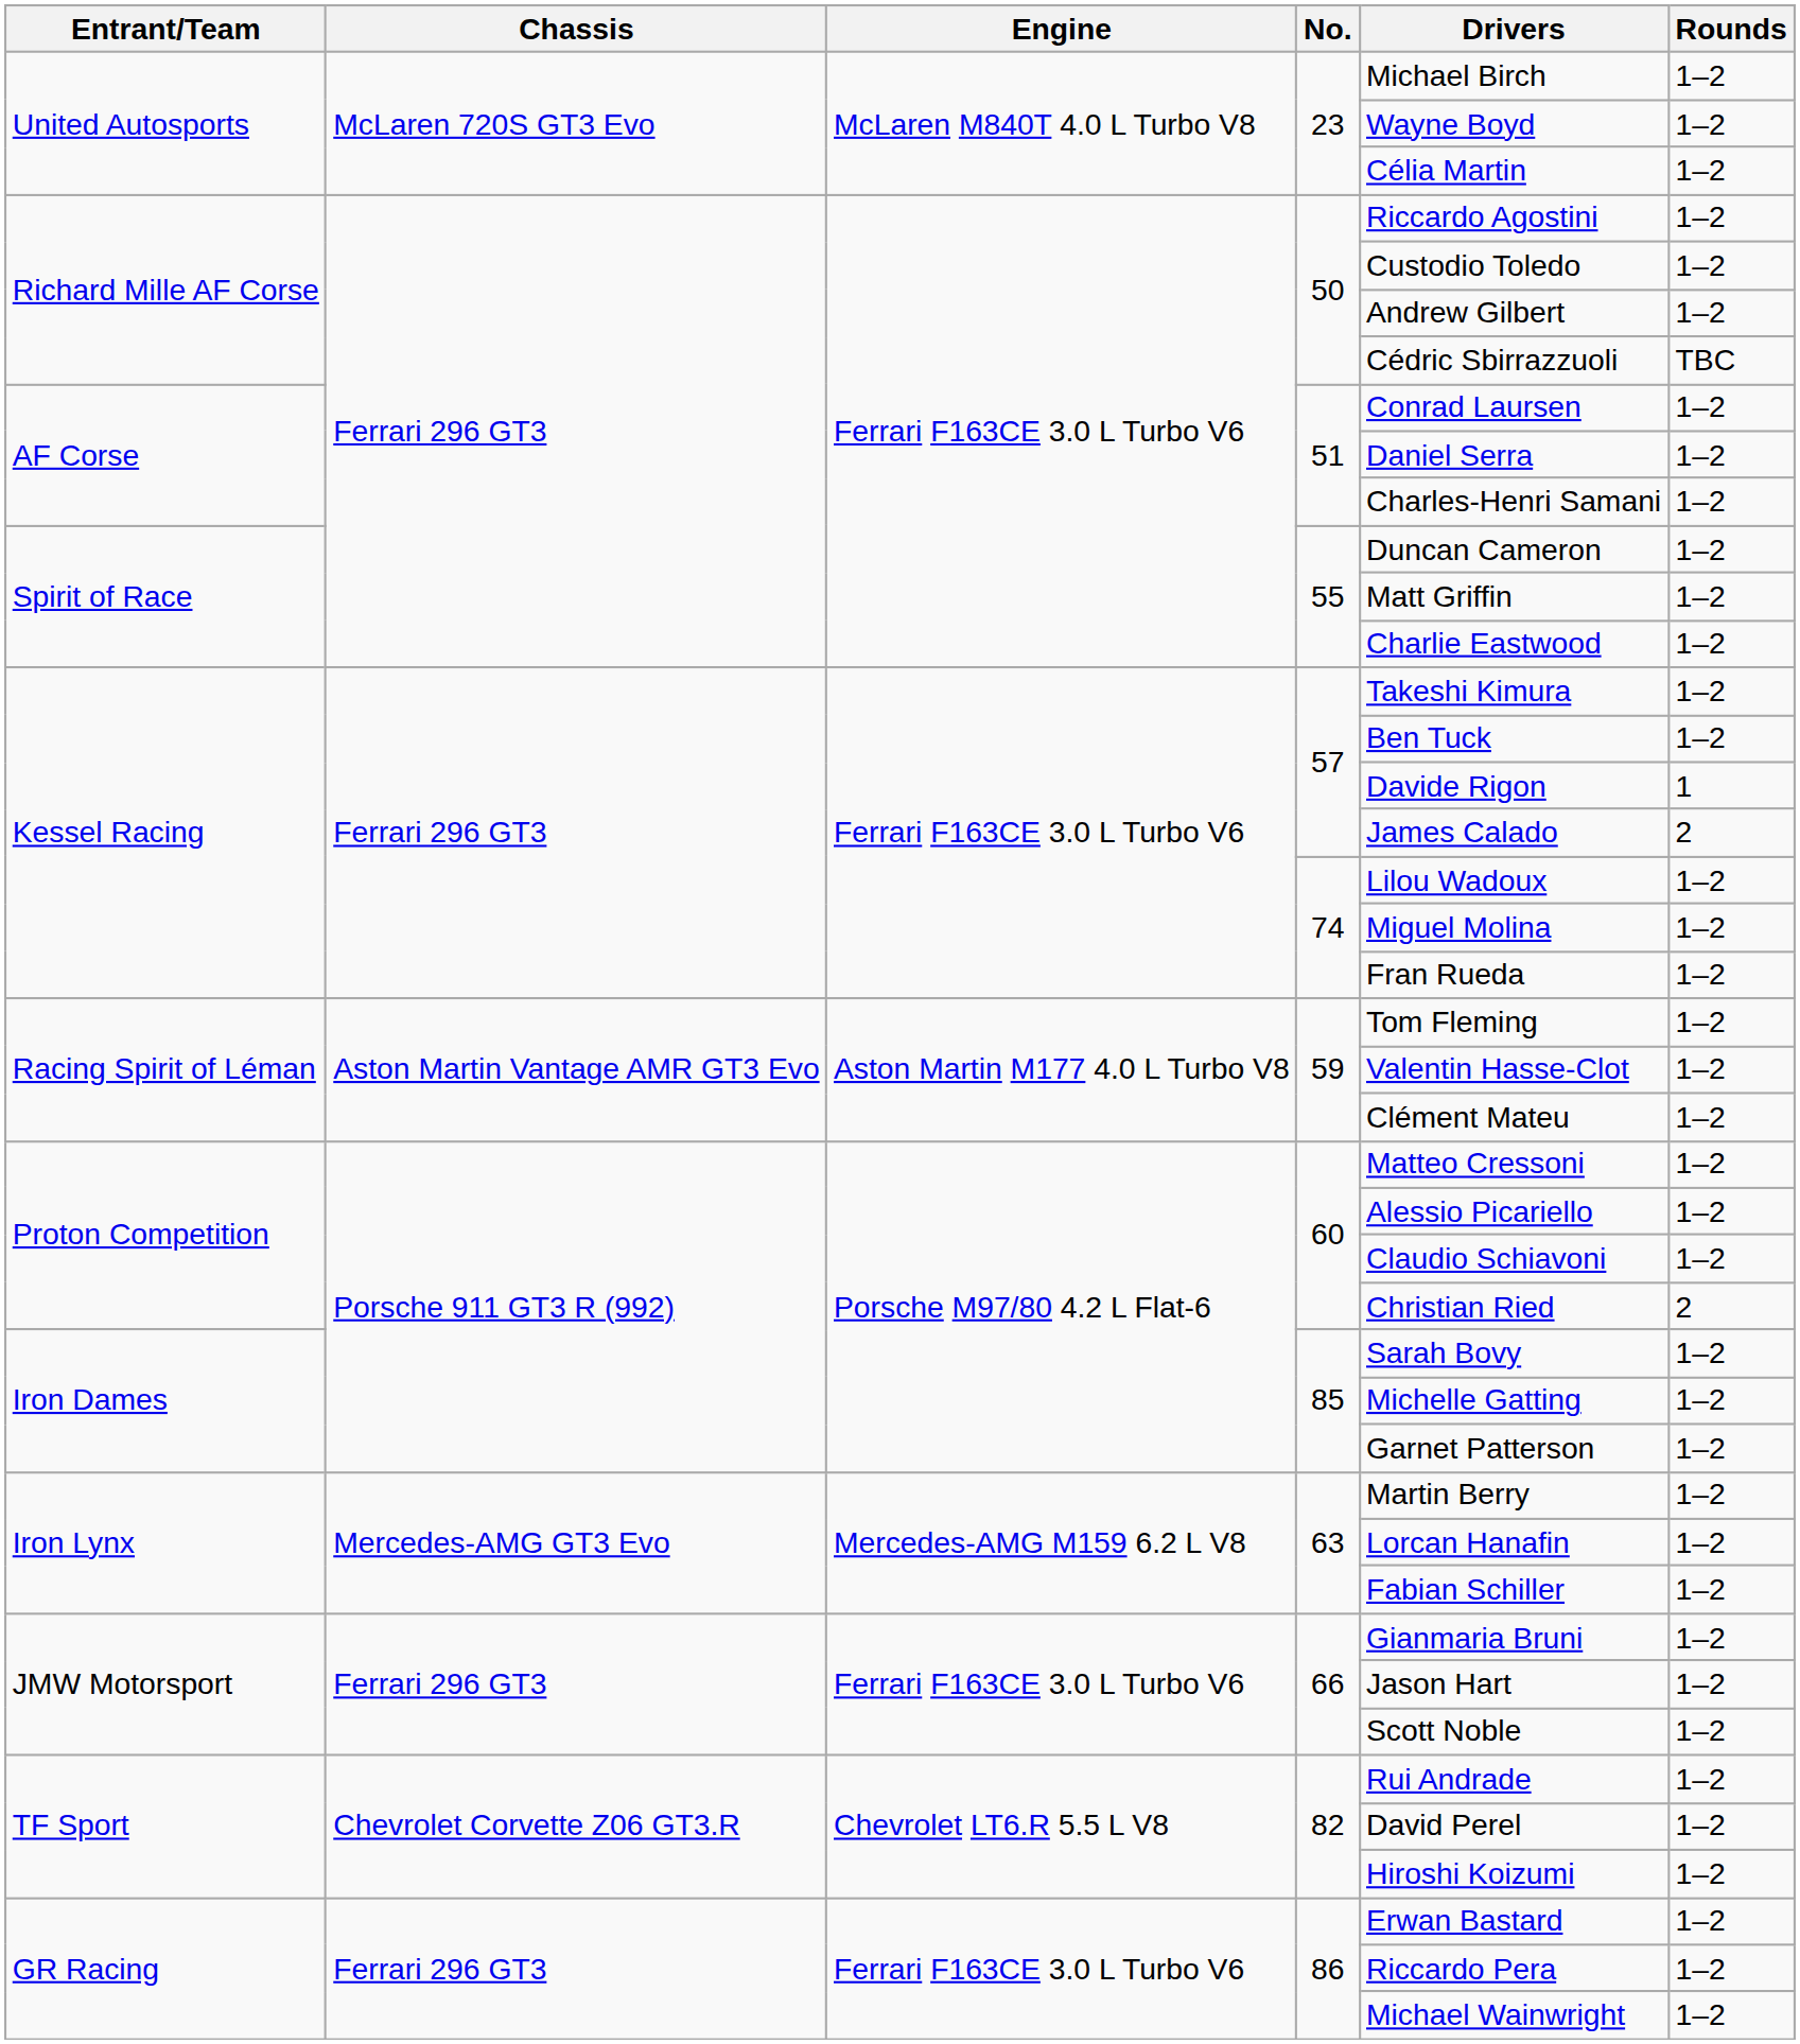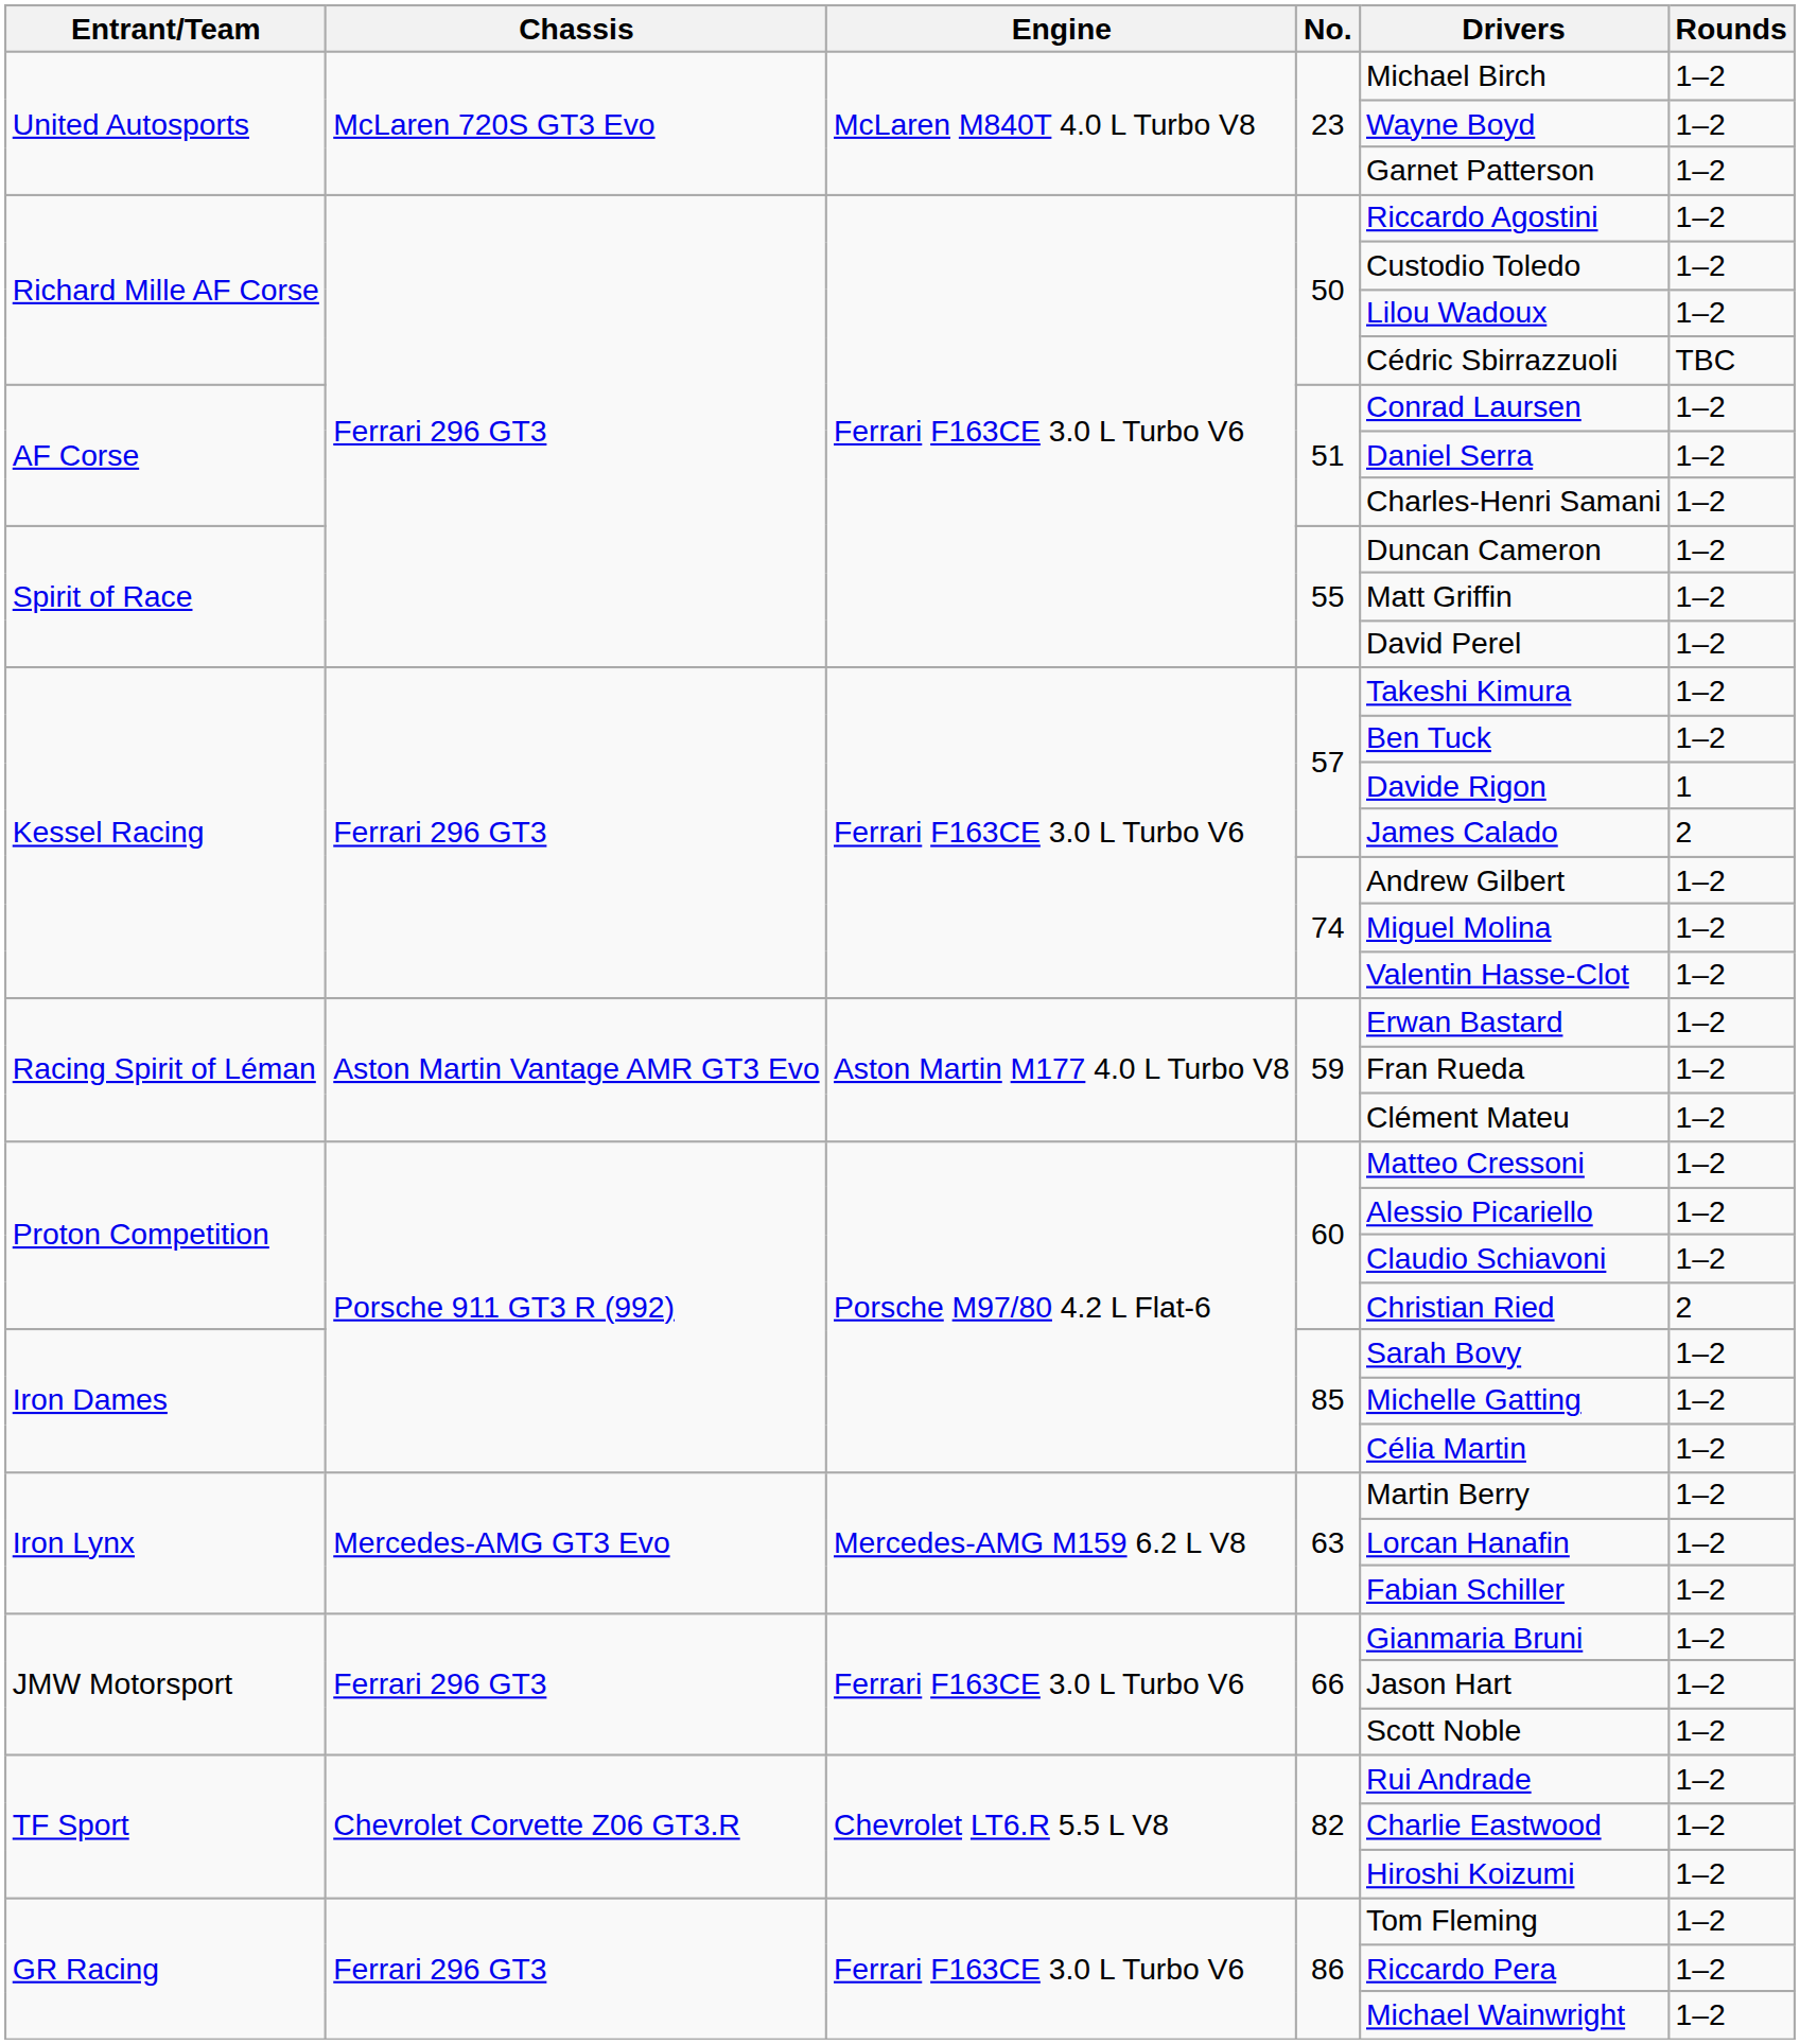 <table class="wikitable" style="font-size: 85%;">
 <tr>
 <th>Entrant/Team</th>
 <th>Chassis</th>
 <th>Engine</th>
 <th>No.</th>
 <th>Drivers</th>
 <th>Rounds</th>
 </tr>
 <tr>
 <td rowspan="3"> <a href='#'>United Autosports</a></td>
 <td rowspan="3"><a href='#'>McLaren 720S GT3 Evo</a></td>
 <td rowspan="3"><a href='#'>McLaren</a> <a href='#'>M840T</a> 4.0 L Turbo V8</td>
 <td rowspan="3" align="center">23</td>
 <td> Michael Birch</td>
 <td>1–2</td>
 </tr>
 <tr>
 <td> <a href='#'>Wayne Boyd</a></td>
 <td>1–2</td>
 </tr>
 <tr>
-<td> <a href='#'>Célia Martin</a></td>
+<td> Garnet Patterson</td>
 <td>1–2</td>
 </tr>
 <tr>
 <td rowspan="4" nowrap> <a href='#'>Richard Mille AF Corse</a></td>
 <td rowspan="10"><a href='#'>Ferrari 296 GT3</a></td>
 <td rowspan="10"><a href='#'>Ferrari</a> <a href='#'>F163CE</a> 3.0 L Turbo V6</td>
 <td rowspan="4" align="center">50</td>
 <td> <a href='#'>Riccardo Agostini</a></td>
 <td>1–2</td>
 </tr>
 <tr>
 <td> Custodio Toledo</td>
 <td>1–2</td>
 </tr>
 <tr>
-<td> Andrew Gilbert</td>
+<td> <a href='#'>Lilou Wadoux</a></td>
 <td>1–2</td>
 </tr>
 <tr>
 <td> Cédric Sbirrazzuoli</td>
 <td>TBC</td>
 </tr>
 <tr>
 <td rowspan="3"> <a href='#'>AF Corse</a></td>
 <td rowspan="3" align="center">51</td>
 <td> <a href='#'>Conrad Laursen</a></td>
 <td>1–2</td>
 </tr>
 <tr>
 <td> <a href='#'>Daniel Serra</a></td>
 <td>1–2</td>
 </tr>
 <tr>
 <td nowrap> Charles-Henri Samani</td>
 <td>1–2</td>
 </tr>
 <tr>
 <td rowspan="3"> <a href='#'>Spirit of Race</a></td>
 <td rowspan="3" align="center">55</td>
 <td> Duncan Cameron</td>
 <td>1–2</td>
 </tr>
 <tr>
 <td> Matt Griffin</td>
 <td>1–2</td>
 </tr>
 <tr>
-<td> <a href='#'>Charlie Eastwood</a></td>
+<td> David Perel</td>
 <td>1–2</td>
 </tr>
 <tr>
 <td rowspan="7"> <a href='#'>Kessel Racing</a></td>
 <td rowspan="7"><a href='#'>Ferrari 296 GT3</a></td>
 <td rowspan="7"><a href='#'>Ferrari</a> <a href='#'>F163CE</a> 3.0 L Turbo V6</td>
 <td rowspan="4" align="center">57</td>
 <td> <a href='#'>Takeshi Kimura</a></td>
 <td>1–2</td>
 </tr>
 <tr>
 <td> <a href='#'>Ben Tuck</a></td>
 <td>1–2</td>
 </tr>
 <tr>
 <td> <a href='#'>Davide Rigon</a></td>
 <td>1</td>
 </tr>
 <tr>
 <td> <a href='#'>James Calado</a></td>
 <td>2</td>
 </tr>
 <tr>
 <td rowspan="3" align="center">74</td>
-<td> <a href='#'>Lilou Wadoux</a></td>
+<td> Andrew Gilbert</td>
 <td>1–2</td>
 </tr>
 <tr>
 <td> <a href='#'>Miguel Molina</a></td>
 <td>1–2</td>
 </tr>
 <tr>
-<td> Fran Rueda</td>
+<td> <a href='#'>Valentin Hasse-Clot</a></td>
 <td>1–2</td>
 </tr>
 <tr>
 <td rowspan="3"> <a href='#'>Racing Spirit of Léman</a></td>
 <td rowspan="3" nowrap><a href='#'>Aston Martin Vantage AMR GT3 Evo</a></td>
 <td rowspan="3" nowrap><a href='#'>Aston Martin</a> <a href='#'>M177</a> 4.0 L Turbo V8</td>
 <td rowspan="3" align="center">59</td>
-<td> Tom Fleming</td>
+<td> <a href='#'>Erwan Bastard</a></td>
 <td>1–2</td>
 </tr>
 <tr>
-<td> <a href='#'>Valentin Hasse-Clot</a></td>
+<td> Fran Rueda</td>
 <td>1–2</td>
 </tr>
 <tr>
 <td> Clément Mateu</td>
 <td>1–2</td>
 </tr>
 <tr>
 <td rowspan="4"> <a href='#'>Proton Competition</a></td>
 <td rowspan="7"><a href='#'>Porsche 911 GT3 R (992)</a></td>
 <td rowspan="7"><a href='#'>Porsche</a> <a href='#'>M97/80</a> 4.2 L Flat-6</td>
 <td rowspan="4" align="center">60</td>
 <td> <a href='#'>Matteo Cressoni</a></td>
 <td>1–2</td>
 </tr>
 <tr>
 <td> <a href='#'>Alessio Picariello</a></td>
 <td>1–2</td>
 </tr>
 <tr>
 <td> <a href='#'>Claudio Schiavoni</a></td>
 <td>1–2</td>
 </tr>
 <tr>
 <td> <a href='#'>Christian Ried</a></td>
 <td>2</td>
 </tr>
 <tr>
 <td rowspan="3"> <a href='#'>Iron Dames</a></td>
 <td rowspan="3" align="center">85</td>
 <td> <a href='#'>Sarah Bovy</a></td>
 <td>1–2</td>
 </tr>
 <tr>
 <td> <a href='#'>Michelle Gatting</a></td>
 <td>1–2</td>
 </tr>
 <tr>
-<td> Garnet Patterson</td>
+<td> <a href='#'>Célia Martin</a></td>
 <td>1–2</td>
 </tr>
 <tr>
 <td rowspan="3"> <a href='#'>Iron Lynx</a></td>
 <td rowspan="3"><a href='#'>Mercedes-AMG GT3 Evo</a></td>
 <td rowspan="3"><a href='#'>Mercedes-AMG M159</a> 6.2 L V8</td>
 <td rowspan="3" align="center">63</td>
 <td> Martin Berry</td>
 <td>1–2</td>
 </tr>
 <tr>
 <td> <a href='#'>Lorcan Hanafin</a></td>
 <td>1–2</td>
 </tr>
 <tr>
 <td> <a href='#'>Fabian Schiller</a></td>
 <td>1–2</td>
 </tr>
 <tr>
 <td rowspan="3"> JMW Motorsport</td>
 <td rowspan="3"><a href='#'>Ferrari 296 GT3</a></td>
 <td rowspan="3"><a href='#'>Ferrari</a> <a href='#'>F163CE</a> 3.0 L Turbo V6</td>
 <td rowspan="3" align="center">66</td>
 <td> <a href='#'>Gianmaria Bruni</a></td>
 <td>1–2</td>
 </tr>
 <tr>
 <td> Jason Hart</td>
 <td>1–2</td>
 </tr>
 <tr>
 <td> Scott Noble</td>
 <td>1–2</td>
 </tr>
 <tr>
 <td rowspan="3"> <a href='#'>TF Sport</a></td>
 <td rowspan="3"><a href='#'>Chevrolet Corvette Z06 GT3.R</a></td>
 <td rowspan="3"><a href='#'>Chevrolet</a> <a href='#'>LT6.R</a> 5.5 L V8</td>
 <td rowspan="3" align="center">82</td>
 <td> <a href='#'>Rui Andrade</a></td>
 <td>1–2</td>
 </tr>
 <tr>
-<td> David Perel</td>
+<td> <a href='#'>Charlie Eastwood</a></td>
 <td>1–2</td>
 </tr>
 <tr>
 <td> <a href='#'>Hiroshi Koizumi</a></td>
 <td>1–2</td>
 </tr>
 <tr>
 <td rowspan="3"> <a href='#'>GR Racing</a></td>
 <td rowspan="3"><a href='#'>Ferrari 296 GT3</a></td>
 <td rowspan="3"><a href='#'>Ferrari</a> <a href='#'>F163CE</a> 3.0 L Turbo V6</td>
 <td rowspan="3" align="center">86</td>
-<td> <a href='#'>Erwan Bastard</a></td>
+<td> Tom Fleming</td>
 <td>1–2</td>
 </tr>
 <tr>
 <td> <a href='#'>Riccardo Pera</a></td>
 <td>1–2</td>
 </tr>
 <tr>
 <td> <a href='#'>Michael Wainwright</a></td>
 <td>1–2</td>
 </tr>
 <tr>
 </tr>
 </table>
